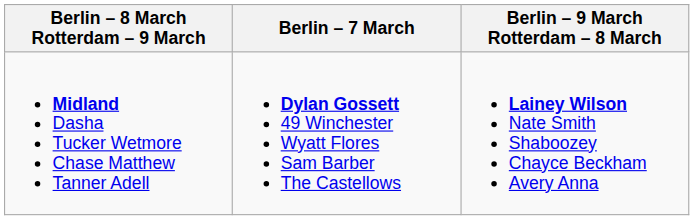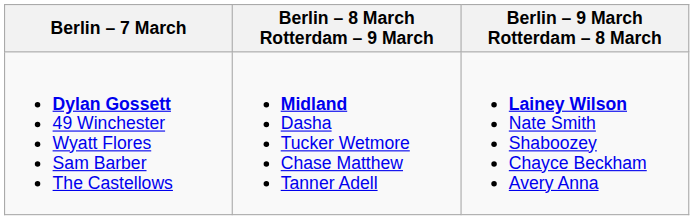 <table class="wikitable">
 <tr>
+<th scope="col" style="width: 200px;">Berlin – 7 March</th>
 <th scope="col" style="width: 200px;">Berlin – 8 March <br> Rotterdam – 9 March</th>
-<th scope="col" style="width: 200px;">Berlin – 7 March</th>
 <th scope="col" style="width: 200px;">Berlin – 9 March <br> Rotterdam – 8 March</th>
 </tr>
 <tr style="vertical-align: top;">
+<td><br><ul><li><strong><a href='#'>Dylan Gossett</a></strong></li><li><a href='#'>49 Winchester</a></li><li><a href='#'>Wyatt Flores</a></li><li><a href='#'>Sam Barber</a></li><li><a href='#'>The Castellows</a></li></ul></td>
 <td><br><ul><li><strong><a href='#'>Midland</a></strong></li><li><a href='#'>Dasha</a></li><li><a href='#'>Tucker Wetmore</a></li><li><a href='#'>Chase Matthew</a></li><li><a href='#'>Tanner Adell</a></li></ul></td>
-<td><br><ul><li><strong><a href='#'>Dylan Gossett</a></strong></li><li><a href='#'>49 Winchester</a></li><li><a href='#'>Wyatt Flores</a></li><li><a href='#'>Sam Barber</a></li><li><a href='#'>The Castellows</a></li></ul></td>
 <td><br><ul><li><strong><a href='#'>Lainey Wilson</a></strong></li><li><a href='#'>Nate Smith</a></li><li><a href='#'>Shaboozey</a></li><li><a href='#'>Chayce Beckham</a></li><li><a href='#'>Avery Anna</a></li></ul></td>
 </tr>
 </table>
